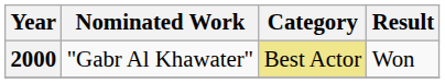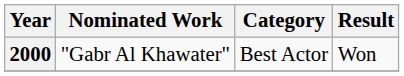 <table class="wikitable plainrowheaders sortable">
 <tr>
 <th scope="col">Year</th>
 <th scope="col">Nominated Work</th>
 <th scope="col">Category</th>
 <th scope="col">Result</th>
 </tr>
 <tr>
 <th style="text-align:center;">2000</th>
 <td>"Gabr Al Khawater"</td>
-<td style="background: khaki;">Best Actor</td>
+<td>Best Actor</td>
 <td>Won</td>
 </tr>
 <tr>
 </tr>
 </table>
